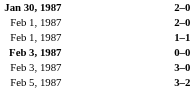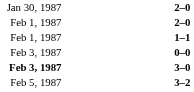 <table width=100% cellspacing=1 style=font-size:90%>
 <tr>
 <th width=120></th>
 <th width=120></th>
 <th width=70></th>
 <th width=120></th>
 <th></th>
 </tr>
 <tr>
-<td align=right><strong>Jan 30, 1987</strong></td>
+<td align=right>Jan 30, 1987</td>
 <td align=right><strong></strong></td>
 <td align=center><strong>2–0</strong></td>
 <td><strong></strong></td>
 </tr>
 <tr>
 <td align=right>Feb 1, 1987</td>
 <td align=right><strong></strong></td>
 <td align=center><strong>2–0</strong></td>
 <td><strong></strong></td>
 </tr>
 <tr>
 <td align=right>Feb 1, 1987</td>
 <td align=right><strong></strong></td>
 <td align=center><strong>1–1</strong></td>
 <td><strong></strong></td>
 </tr>
 <tr>
-<td align=right><strong>Feb 3, 1987</strong></td>
+<td align=right>Feb 3, 1987</td>
 <td align=right><strong></strong></td>
 <td align=center><strong>0–0</strong></td>
 <td><strong></strong></td>
 </tr>
 <tr>
-<td align=right>Feb 3, 1987</td>
+<td align=right><strong>Feb 3, 1987</strong></td>
 <td align=right><strong></strong></td>
 <td align=center><strong>3–0</strong></td>
 <td><strong></strong></td>
 </tr>
 <tr>
 <td align=right>Feb 5, 1987</td>
 <td align=right><strong></strong></td>
 <td align=center><strong>3–2</strong></td>
 <td><strong></strong></td>
 </tr>
 </table>
